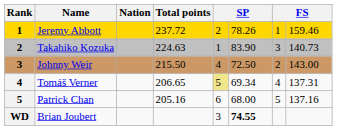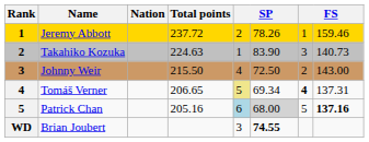 <table class="wikitable">
 <tr>
 <th>Rank</th>
 <th>Name</th>
 <th>Nation</th>
 <th>Total points</th>
 <th colspan="2" width="80px"><a href='#'>SP</a></th>
 <th colspan="2" width="80px"><a href='#'>FS</a></th>
 </tr>
 <tr bgcolor="gold">
 <td align="center"><strong>1</strong></td>
 <td><a href='#'>Jeremy Abbott</a></td>
 <td></td>
 <td>237.72</td>
 <td>2</td>
 <td>78.26</td>
 <td>1</td>
 <td>159.46</td>
 </tr>
 <tr bgcolor="silver">
 <td align="center"><strong>2</strong></td>
 <td><a href='#'>Takahiko Kozuka</a></td>
 <td></td>
 <td>224.63</td>
 <td>1</td>
 <td>83.90</td>
 <td>3</td>
 <td>140.73</td>
 </tr>
 <tr bgcolor="cc9966">
 <td align="center"><strong>3</strong></td>
 <td><a href='#'>Johnny Weir</a></td>
 <td></td>
 <td>215.50</td>
 <td>4</td>
 <td>72.50</td>
 <td>2</td>
 <td>143.00</td>
 </tr>
 <tr>
 <th>4</th>
 <td><a href='#'>Tomáš Verner</a></td>
 <td></td>
 <td>206.65</td>
 <td style="background: khaki;">5</td>
 <td>69.34</td>
-<td>4</td>
+<td><strong>4</strong></td>
 <td>137.31</td>
 </tr>
 <tr>
 <th>5</th>
 <td><a href='#'>Patrick Chan</a></td>
 <td></td>
 <td>205.16</td>
-<td>6</td>
-<td>68.00</td>
+<td style="background: lightblue;">6</td>
+<td style="background: lightgrey;">68.00</td>
 <td>5</td>
-<td>137.16</td>
+<td><strong>137.16</strong></td>
 </tr>
 <tr>
 <th>WD</th>
 <td><a href='#'>Brian Joubert</a></td>
 <td></td>
 <td></td>
 <td>3</td>
 <td><strong>74.55</strong></td>
 <td></td>
 <td></td>
 </tr>
 </table>
